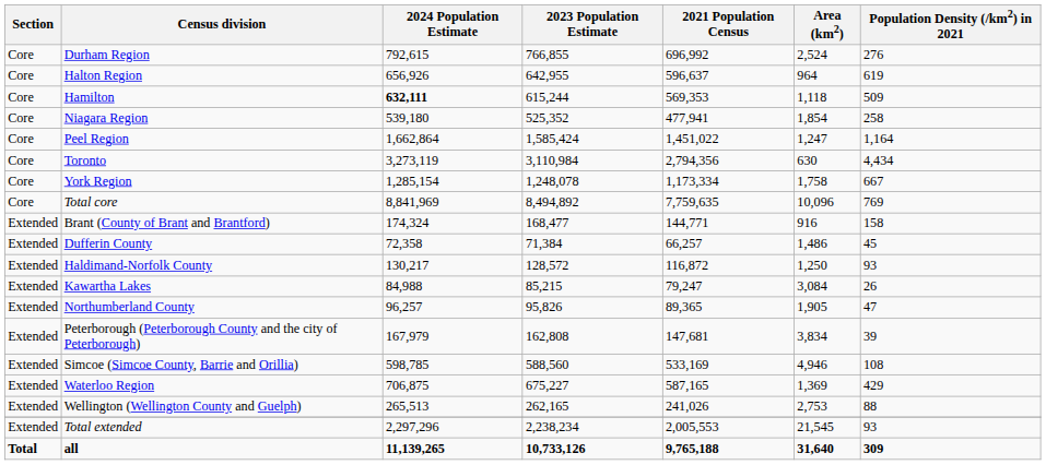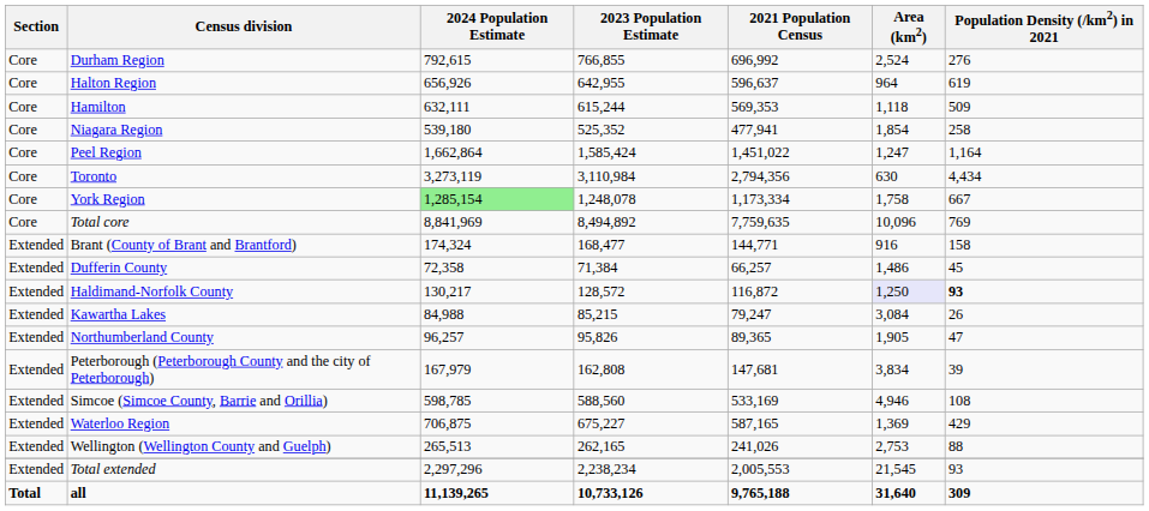 <table class="wikitable sortable">
 <tr>
 <th>Section</th>
 <th>Census division</th>
 <th>2024 Population Estimate</th>
 <th>2023 Population Estimate</th>
 <th>2021 Population Census</th>
 <th>Area (km<sup>2</sup>)</th>
 <th>Population Density (/km<sup>2</sup>) in 2021</th>
 </tr>
 <tr>
 <td>Core</td>
 <td><a href='#'>Durham Region</a></td>
 <td>792,615</td>
 <td>766,855</td>
 <td>696,992</td>
 <td>2,524</td>
 <td>276</td>
 </tr>
 <tr>
 <td>Core</td>
 <td><a href='#'>Halton Region</a></td>
 <td>656,926</td>
 <td>642,955</td>
 <td>596,637</td>
 <td>964</td>
 <td>619</td>
 </tr>
 <tr>
 <td>Core</td>
 <td><a href='#'>Hamilton</a></td>
-<td><strong>632,111</strong></td>
+<td>632,111</td>
 <td>615,244</td>
 <td>569,353</td>
 <td>1,118</td>
 <td>509</td>
 </tr>
 <tr>
 <td>Core</td>
 <td><a href='#'>Niagara Region</a></td>
 <td>539,180</td>
 <td>525,352</td>
 <td>477,941</td>
 <td>1,854</td>
 <td>258</td>
 </tr>
 <tr>
 <td>Core</td>
 <td><a href='#'>Peel Region</a></td>
 <td>1,662,864</td>
 <td>1,585,424</td>
 <td>1,451,022</td>
 <td>1,247</td>
 <td>1,164</td>
 </tr>
 <tr>
 <td>Core</td>
 <td><a href='#'>Toronto</a></td>
 <td>3,273,119</td>
 <td>3,110,984</td>
 <td>2,794,356</td>
 <td>630</td>
 <td>4,434</td>
 </tr>
 <tr>
 <td>Core</td>
 <td><a href='#'>York Region</a></td>
-<td>1,285,154</td>
+<td style="background: lightgreen;">1,285,154</td>
 <td>1,248,078</td>
 <td>1,173,334</td>
 <td>1,758</td>
 <td>667</td>
 </tr>
 <tr>
 <td>Core</td>
 <td data-sort-value="zzzz"><em>Total core</em></td>
 <td>8,841,969</td>
 <td>8,494,892</td>
 <td>7,759,635</td>
 <td>10,096</td>
 <td>769</td>
 </tr>
 <tr>
 <td>Extended</td>
 <td>Brant (<a href='#'>County of Brant</a> and <a href='#'>Brantford</a>)</td>
 <td>174,324</td>
 <td>168,477</td>
 <td>144,771</td>
 <td>916</td>
 <td>158</td>
 </tr>
 <tr>
 <td>Extended</td>
 <td><a href='#'>Dufferin County</a></td>
 <td>72,358</td>
 <td>71,384</td>
 <td>66,257</td>
 <td>1,486</td>
 <td>45</td>
 </tr>
 <tr>
 <td>Extended</td>
 <td><a href='#'>Haldimand-Norfolk County</a></td>
 <td>130,217</td>
 <td>128,572</td>
 <td>116,872</td>
-<td>1,250</td>
-<td>93</td>
+<td style="background: lavender;">1,250</td>
+<td><strong>93</strong></td>
 </tr>
 <tr>
 <td>Extended</td>
 <td><a href='#'>Kawartha Lakes</a></td>
 <td>84,988</td>
 <td>85,215</td>
 <td>79,247</td>
 <td>3,084</td>
 <td>26</td>
 </tr>
 <tr>
 <td>Extended</td>
 <td><a href='#'>Northumberland County</a></td>
 <td>96,257</td>
 <td>95,826</td>
 <td>89,365</td>
 <td>1,905</td>
 <td>47</td>
 </tr>
 <tr>
 <td>Extended</td>
 <td>Peterborough (<a href='#'>Peterborough County</a> and the city of <a href='#'>Peterborough</a>)</td>
 <td>167,979</td>
 <td>162,808</td>
 <td>147,681</td>
 <td>3,834</td>
 <td>39</td>
 </tr>
 <tr>
 <td>Extended</td>
 <td>Simcoe (<a href='#'>Simcoe County</a>, <a href='#'>Barrie</a> and <a href='#'>Orillia</a>)</td>
 <td>598,785</td>
 <td>588,560</td>
 <td>533,169</td>
 <td>4,946</td>
 <td>108</td>
 </tr>
 <tr>
 <td>Extended</td>
 <td><a href='#'>Waterloo Region</a></td>
 <td>706,875</td>
 <td>675,227</td>
 <td>587,165</td>
 <td>1,369</td>
 <td>429</td>
 </tr>
 <tr>
 <td>Extended</td>
 <td>Wellington (<a href='#'>Wellington County</a> and <a href='#'>Guelph</a>)</td>
 <td>265,513</td>
 <td>262,165</td>
 <td>241,026</td>
 <td>2,753</td>
 <td>88</td>
 </tr>
 <tr>
 </tr>
 <tr>
 <td>Extended</td>
 <td data-sort-value="zzzy"><em>Total extended</em></td>
 <td>2,297,296</td>
 <td>2,238,234</td>
 <td>2,005,553</td>
 <td>21,545</td>
 <td>93</td>
 </tr>
 <tr>
 <td data-sort-value="zzzz"><strong>Total</strong></td>
 <td><strong>all</strong></td>
 <td><strong>11,139,265</strong></td>
 <td><strong>10,733,126</strong></td>
 <td><strong>9,765,188</strong></td>
 <td><strong>31,640</strong></td>
 <td><strong>309</strong></td>
 </tr>
 </table>
